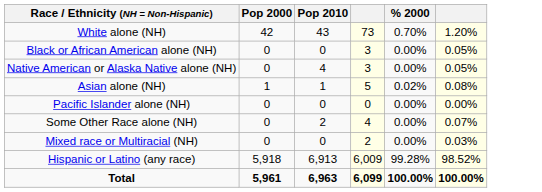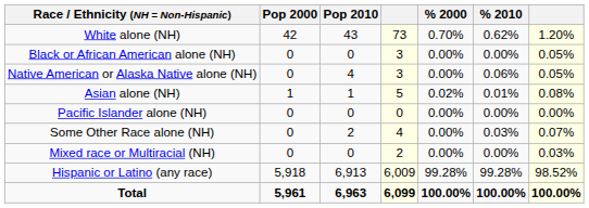 <table class="wikitable" style="text-align:center;">
 <tr>
 <th>Race / Ethnicity <small>(<em>NH = Non-Hispanic</em>)</small></th>
 <th>Pop 2000</th>
 <th>Pop 2010</th>
 <th></th>
 <th>% 2000</th>
+<th>% 2010</th>
 <th></th>
 </tr>
 <tr>
 <td><a href='#'>White</a> alone (NH)</td>
 <td>42</td>
 <td>43</td>
 <td style='background: #ffffe6;'>73</td>
 <td>0.70%</td>
+<td>0.62%</td>
 <td style='background: #ffffe6;'>1.20%</td>
 </tr>
 <tr>
 <td><a href='#'>Black or African American</a> alone (NH)</td>
 <td>0</td>
 <td>0</td>
 <td style='background: #ffffe6;'>3</td>
+<td>0.00%</td>
 <td>0.00%</td>
 <td style='background: #ffffe6;'>0.05%</td>
 </tr>
 <tr>
 <td><a href='#'>Native American</a> or <a href='#'>Alaska Native</a> alone (NH)</td>
 <td>0</td>
 <td>4</td>
 <td style='background: #ffffe6;'>3</td>
 <td>0.00%</td>
+<td>0.06%</td>
 <td style='background: #ffffe6;'>0.05%</td>
 </tr>
 <tr>
 <td><a href='#'>Asian</a> alone (NH)</td>
 <td>1</td>
 <td>1</td>
 <td style='background: #ffffe6;'>5</td>
 <td>0.02%</td>
+<td>0.01%</td>
 <td style='background: #ffffe6;'>0.08%</td>
 </tr>
 <tr>
 <td><a href='#'>Pacific Islander</a> alone (NH)</td>
 <td>0</td>
 <td>0</td>
 <td style='background: #ffffe6;'>0</td>
+<td>0.00%</td>
 <td>0.00%</td>
 <td style='background: #ffffe6;'>0.00%</td>
 </tr>
 <tr>
 <td>Some Other Race alone (NH)</td>
 <td>0</td>
 <td>2</td>
 <td style='background: #ffffe6;'>4</td>
 <td>0.00%</td>
+<td>0.03%</td>
 <td style='background: #ffffe6;'>0.07%</td>
 </tr>
 <tr>
 <td><a href='#'>Mixed race or Multiracial</a> (NH)</td>
 <td>0</td>
 <td>0</td>
 <td style='background: #ffffe6;'>2</td>
+<td>0.00%</td>
 <td>0.00%</td>
 <td style='background: #ffffe6;'>0.03%</td>
 </tr>
 <tr>
 <td><a href='#'>Hispanic or Latino</a> (any race)</td>
 <td>5,918</td>
 <td>6,913</td>
 <td style='background: #ffffe6;'>6,009</td>
 <td>99.28%</td>
+<td>99.28%</td>
 <td style='background: #ffffe6;'>98.52%</td>
 </tr>
 <tr>
 <td><strong>Total</strong></td>
 <td><strong>5,961</strong></td>
 <td><strong>6,963</strong></td>
 <td style='background: #ffffe6;'><strong>6,099</strong></td>
 <td><strong>100.00%</strong></td>
+<td><strong>100.00%</strong></td>
 <td style='background: #ffffe6;'><strong>100.00%</strong></td>
 </tr>
 </table>
